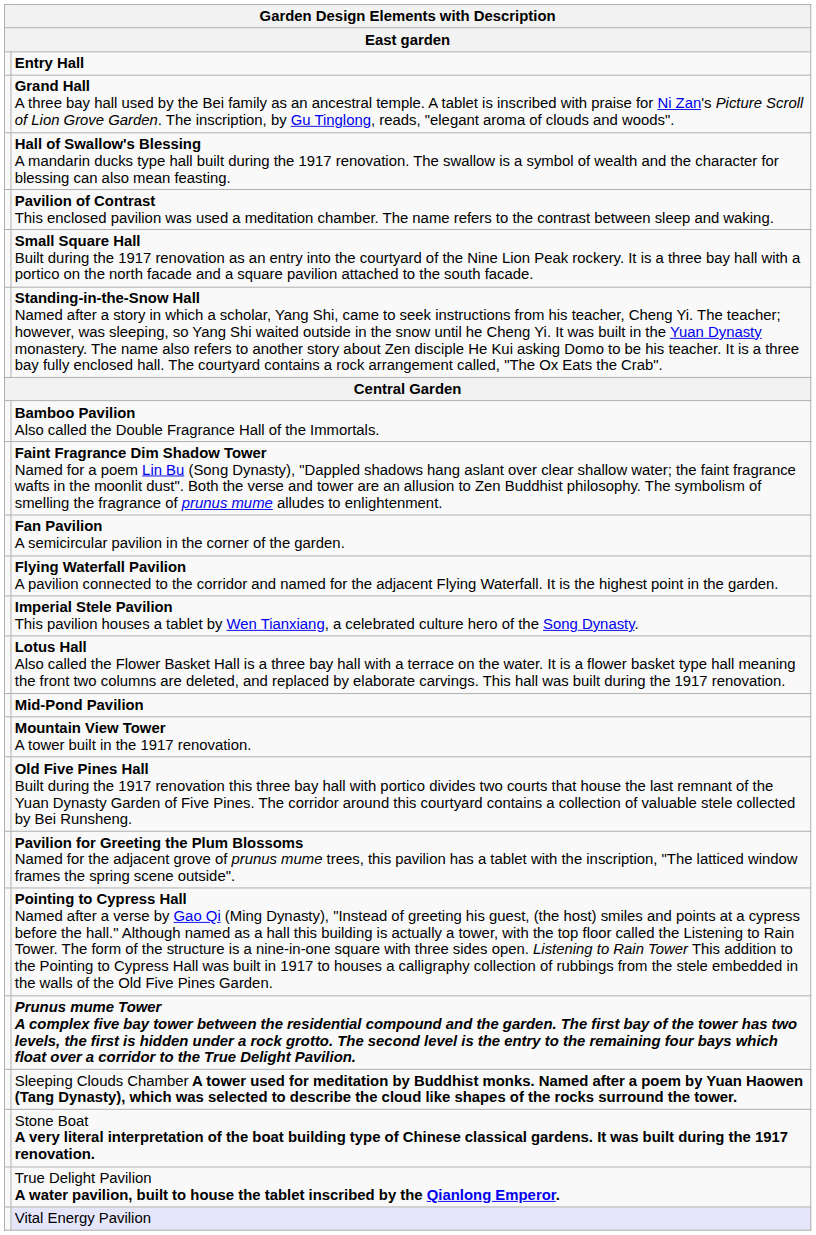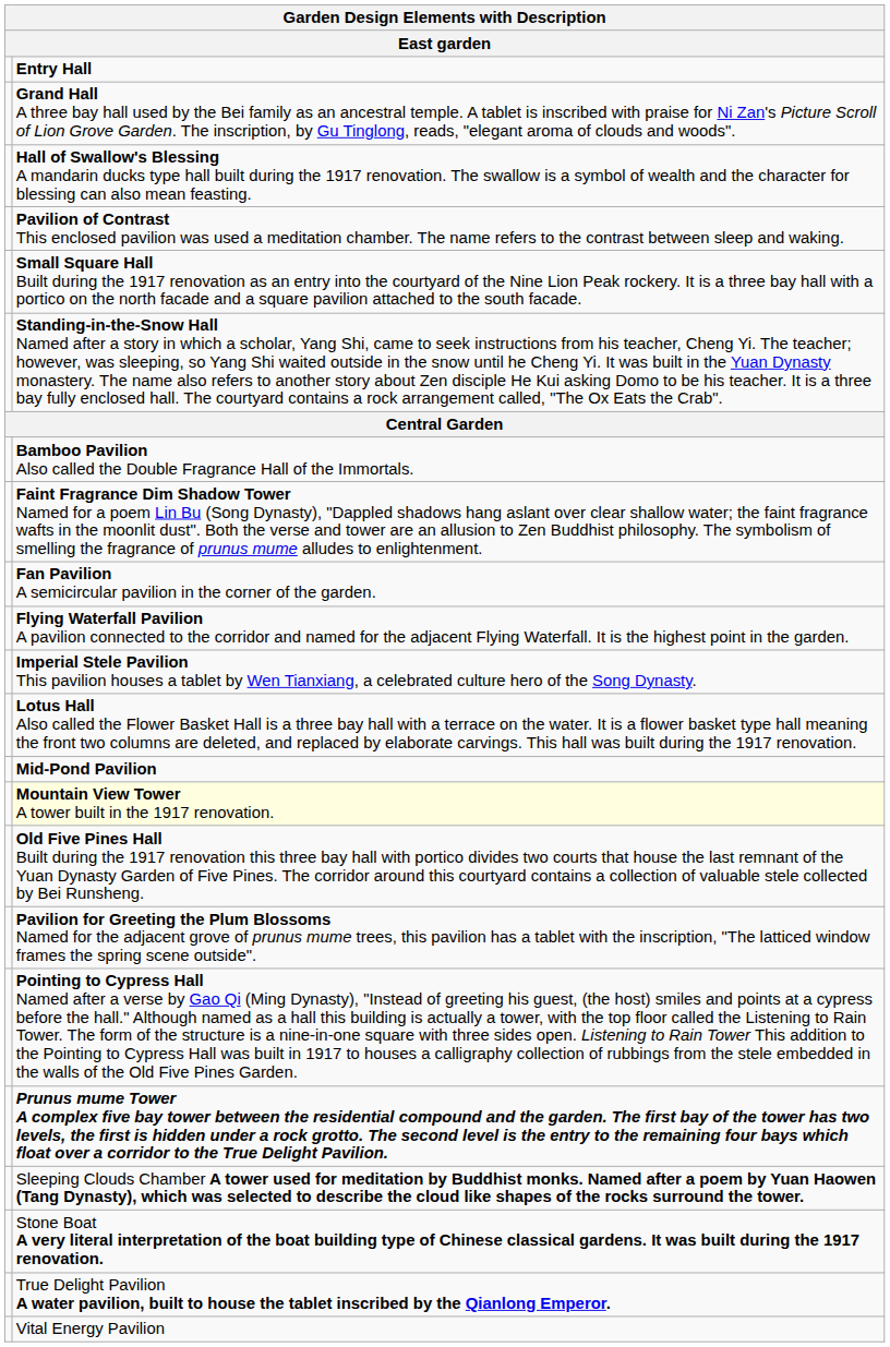 <table class="wikitable collapsible collapsed">
 <tr>
 <th colspan="2">Garden Design Elements with Description</th>
 </tr>
 <tr>
 <th colspan="2">East garden</th>
 </tr>
 <tr ->
 <td align="center"></td>
 <td><strong>Entry Hall</strong></td>
 </tr>
 <tr ->
 <td align="center"></td>
 <td><strong>Grand Hall</strong><br>A three bay hall used by the Bei family as an ancestral temple.  A tablet is inscribed with praise for <a href='#'>Ni Zan</a>'s <em>Picture Scroll of Lion Grove Garden</em>. The inscription, by <a href='#'>Gu Tinglong</a>, reads, "elegant aroma of clouds and woods".</td>
 </tr>
 <tr ->
 <td align="center"></td>
 <td><strong>Hall of Swallow's Blessing</strong><br>A mandarin ducks type hall built during the 1917 renovation. The swallow is a symbol of wealth and the character for blessing can also mean feasting.</td>
 </tr>
 <tr ->
 <td align="center"></td>
 <td><strong>Pavilion of Contrast</strong><br>This enclosed pavilion was used a meditation chamber. The name refers to the contrast between sleep and waking.</td>
 </tr>
 <tr ->
 <td align="center"></td>
 <td><strong>Small Square Hall</strong><br>Built during the 1917 renovation as an entry into the courtyard of the Nine Lion Peak rockery. It is a three bay hall with a portico on the north facade and a square pavilion attached to the south facade.</td>
 </tr>
 <tr ->
 <td align="center"></td>
 <td><strong>Standing-in-the-Snow Hall</strong><br>Named after a story in which a scholar, Yang Shi, came to seek instructions from his teacher, Cheng Yi. The teacher; however, was sleeping, so Yang Shi waited outside in the snow until he Cheng Yi. It was built in the <a href='#'>Yuan Dynasty</a> monastery. The name also refers to another story about Zen disciple He Kui asking Domo to be his teacher. It is a three bay fully enclosed hall. The courtyard contains a rock arrangement called, "The Ox Eats the Crab".</td>
 </tr>
 <tr>
 <th colspan="2">Central Garden</th>
 </tr>
 <tr ->
 <td align="center"></td>
 <td><strong>Bamboo Pavilion</strong><br>Also called the Double Fragrance Hall of the Immortals.</td>
 </tr>
 <tr ->
 <td align="center"></td>
 <td><strong>Faint Fragrance Dim Shadow Tower</strong><br>Named for a poem <a href='#'>Lin Bu</a> (Song Dynasty), "Dappled shadows hang aslant over clear shallow water; the faint fragrance wafts in the moonlit dust".  Both the verse and tower are an allusion to Zen Buddhist philosophy. The symbolism of smelling the fragrance of <em><a href='#'>prunus mume</a></em> alludes to enlightenment.</td>
 </tr>
 <tr ->
 <td align="center"></td>
 <td><strong>Fan Pavilion</strong><br>A semicircular pavilion in the corner of the garden.</td>
 </tr>
 <tr ->
 <td align="center"></td>
 <td><strong>Flying Waterfall Pavilion</strong><br>A pavilion connected to the corridor and named for the adjacent Flying Waterfall. It is the highest point in the garden.</td>
 </tr>
 <tr ->
 <td align="center"></td>
 <td><strong>Imperial Stele Pavilion</strong><br>This pavilion houses a tablet by <a href='#'>Wen Tianxiang</a>, a celebrated culture hero of the <a href='#'>Song Dynasty</a>.</td>
 </tr>
 <tr ->
 <td align="center"></td>
 <td><strong>Lotus Hall</strong><br>Also called the Flower Basket Hall is a three bay hall with a terrace on the water. It is a flower basket type hall meaning the front two columns are deleted, and replaced by elaborate carvings. This hall was built during the 1917 renovation.</td>
 </tr>
 <tr ->
 <td align="center"></td>
 <td><strong>Mid-Pond Pavilion</strong></td>
 </tr>
 <tr ->
 <td align="center"></td>
-<td><strong>Mountain View Tower</strong><br>A tower built in the 1917 renovation.</td>
+<td style="background: lightyellow;"><strong>Mountain View Tower</strong><br>A tower built in the 1917 renovation.</td>
 </tr>
 <tr ->
 <td align="center"></td>
 <td><strong>Old Five Pines Hall</strong><br>Built during the 1917 renovation this three bay hall with portico divides two courts that house the last remnant of the Yuan Dynasty Garden of Five Pines. The corridor around this courtyard contains a collection of valuable stele collected by Bei Runsheng.</td>
 </tr>
 <tr ->
 <td align="center"></td>
 <td><strong>Pavilion for Greeting the Plum Blossoms</strong><br>Named for the adjacent grove of <em>prunus mume</em> trees, this pavilion has a tablet with the inscription, "The latticed window frames the spring scene outside".</td>
 </tr>
 <tr ->
 <td align="center"></td>
 <td><strong>Pointing to Cypress Hall</strong><br>Named after a verse by <a href='#'>Gao Qi</a> (Ming Dynasty), "Instead of greeting his guest, (the host) smiles and points at a cypress before the hall." Although named as a hall this building is actually a tower, with the top floor called the Listening to Rain Tower. The form of the structure is a nine-in-one square with three sides open. <em>Listening to Rain Tower</em> This addition to the Pointing to Cypress Hall was built in 1917 to houses a calligraphy collection of rubbings from the stele embedded in the walls of the Old Five Pines Garden.</td>
 </tr>
 <tr ->
 <td align="center"></td>
 <td><strong><em>Prunus mume<em> Tower<strong><br>A complex five bay tower between the residential compound and the garden. The first bay of the tower has two levels, the first is hidden under a rock grotto. The second level is the entry to the remaining four bays which float over a corridor to the True Delight Pavilion.</td>
 </tr>
 <tr ->
 <td align="center"></td>
 <td></strong>Sleeping Clouds Chamber<strong> A tower used for meditation by Buddhist monks. Named after a poem by Yuan Haowen (Tang Dynasty), which was selected to describe the cloud like shapes of the rocks surround the tower.</td>
 </tr>
 <tr ->
 <td align="center"></td>
 <td></strong>Stone Boat<strong><br>A very literal interpretation of the boat building type of Chinese classical gardens. It was built during the 1917 renovation.</td>
 </tr>
 <tr ->
 <td align="center"></td>
 <td></strong>True Delight Pavilion<strong><br>A water pavilion, built to house the tablet inscribed by the <a href='#'>Qianlong Emperor</a>.</td>
 </tr>
 <tr ->
 <td align="center"></td>
-<td style="background: lavender;"></strong>Vital Energy Pavilion<strong></td>
+<td></strong>Vital Energy Pavilion<strong></td>
 </tr>
 </table>
